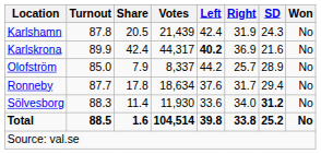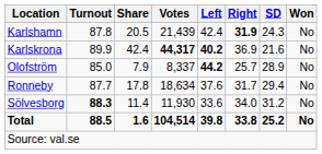 <table class="wikitable sortable" style=text-align:right>
 <tr>
 <th>Location</th>
 <th>Turnout</th>
 <th>Share</th>
 <th>Votes</th>
 <th><a href='#'>Left</a></th>
 <th><a href='#'>Right</a></th>
 <th><a href='#'>SD</a></th>
 <th>Won</th>
 </tr>
 <tr>
 <td align=left><a href='#'>Karlshamn</a></td>
 <td>87.8</td>
 <td>20.5</td>
 <td>21,439</td>
 <td>42.4</td>
-<td>31.9</td>
+<td><strong>31.9</strong></td>
 <td>24.3</td>
 <td>No</td>
 </tr>
 <tr>
 <td align=left><a href='#'>Karlskrona</a></td>
 <td>89.9</td>
 <td>42.4</td>
-<td>44,317</td>
+<td><strong>44,317</strong></td>
 <td><strong>40.2</strong></td>
 <td>36.9</td>
 <td>21.6</td>
 <td>No</td>
 </tr>
 <tr>
 <td align=left><a href='#'>Olofström</a></td>
 <td>85.0</td>
 <td>7.9</td>
 <td>8,337</td>
-<td>44.2</td>
+<td><strong>44.2</strong></td>
 <td>25.7</td>
 <td>28.9</td>
 <td>No</td>
 </tr>
 <tr>
 <td align=left><a href='#'>Ronneby</a></td>
 <td>87.7</td>
 <td>17.8</td>
 <td>18,634</td>
 <td>37.6</td>
 <td>31.7</td>
 <td>29.4</td>
 <td>No</td>
 </tr>
 <tr>
 <td align=left><a href='#'>Sölvesborg</a></td>
-<td>88.3</td>
+<td><strong>88.3</strong></td>
 <td>11.4</td>
 <td>11,930</td>
 <td>33.6</td>
 <td>34.0</td>
-<td><strong>31.2</strong></td>
+<td>31.2</td>
 <td>No</td>
 </tr>
 <tr>
 <td align=left><strong>Total</strong></td>
 <td><strong>88.5</strong></td>
 <td><strong>1.6</strong></td>
 <td><strong>104,514</strong></td>
 <td><strong>39.8</strong></td>
 <td><strong>33.8</strong></td>
 <td><strong>25.2</strong></td>
 <td><strong>No</strong></td>
 </tr>
 <tr>
 <td align=left colspan=8>Source: val.se</td>
 </tr>
 </table>
